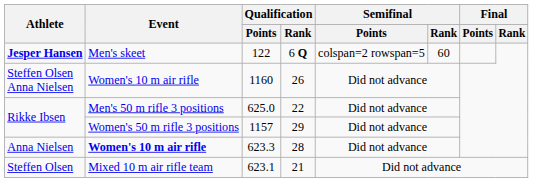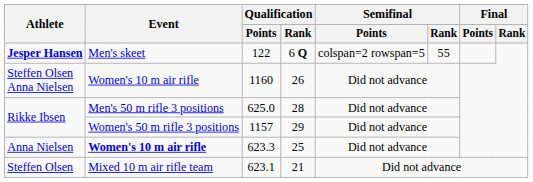 <table class="wikitable" style="font-size:90%">
 <tr>
 <th rowspan="2">Athlete</th>
 <th rowspan="2">Event</th>
 <th colspan=2>Qualification</th>
 <th colspan=2>Semifinal</th>
 <th colspan=2>Final</th>
 </tr>
 <tr style="font-size:95%">
 <th>Points</th>
 <th>Rank</th>
 <th>Points</th>
 <th>Rank</th>
 <th>Points</th>
 <th>Rank</th>
 </tr>
 <tr align=center>
 <td align=left><strong><a href='#'>Jesper Hansen</a></strong></td>
 <td align=left><a href='#'>Men's skeet</a></td>
 <td>122</td>
 <td>6 <strong>Q</strong></td>
 <td>colspan=2 rowspan=5 </td>
-<td>60</td>
+<td>55</td>
 <td></td>
 </tr>
 <tr align=center>
 <td align=left><a href='#'>Steffen Olsen</a><br><a href='#'>Anna Nielsen</a></td>
 <td align=left><a href='#'>Women's 10 m air rifle</a></td>
 <td>1160</td>
 <td>26</td>
 <td colspan=2>Did not advance</td>
 </tr>
 <tr align=center>
 <td align=left rowspan=2><a href='#'>Rikke Ibsen</a></td>
 <td align=left><a href='#'>Men's 50 m rifle 3 positions</a></td>
 <td>625.0</td>
-<td>22</td>
+<td>28</td>
 <td colspan=2>Did not advance</td>
 </tr>
 <tr align=center>
 <td align=left><a href='#'>Women's 50 m rifle 3 positions</a></td>
 <td>1157</td>
 <td>29</td>
 <td colspan=2>Did not advance</td>
 </tr>
 <tr align=center>
 <td align=left><a href='#'>Anna Nielsen</a></td>
 <td align=left><strong><a href='#'>Women's 10 m air rifle</a></strong></td>
 <td>623.3</td>
-<td>28</td>
+<td>25</td>
 <td colspan=2>Did not advance</td>
 </tr>
 <tr align=center>
 <td align=left><a href='#'>Steffen Olsen</a></td>
 <td align=left><a href='#'>Mixed 10 m air rifle team</a></td>
 <td>623.1</td>
 <td>21</td>
 <td colspan=4>Did not advance</td>
 </tr>
 </table>
